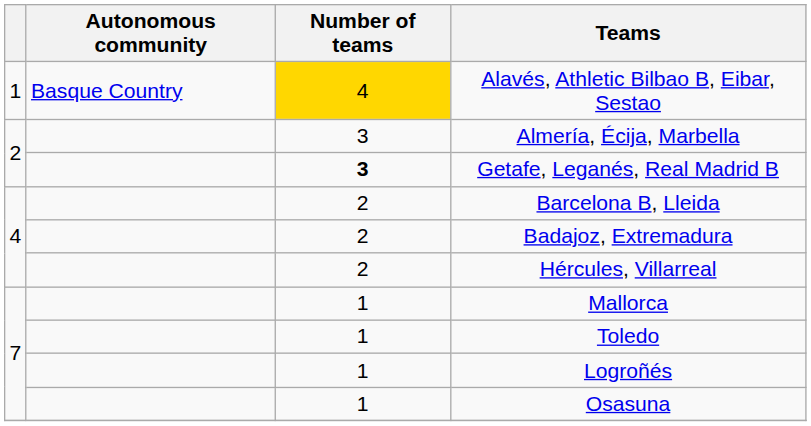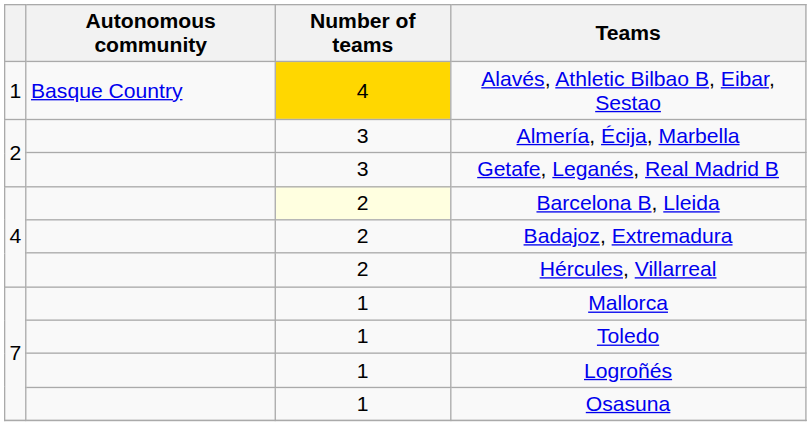 <table class="wikitable">
 <tr>
 <th></th>
 <th>Autonomous community</th>
 <th>Number of teams</th>
 <th>Teams</th>
 </tr>
 <tr>
 <td>1</td>
 <td> <a href='#'>Basque Country</a></td>
 <td align=center style="background: gold;">4</td>
 <td align=center><a href='#'>Alavés</a>, <a href='#'>Athletic Bilbao B</a>, <a href='#'>Eibar</a>, <a href='#'>Sestao</a></td>
 </tr>
 <tr>
 <td rowspan=2>2</td>
 <td></td>
 <td align=center>3</td>
 <td align=center><a href='#'>Almería</a>, <a href='#'>Écija</a>, <a href='#'>Marbella</a></td>
 </tr>
 <tr>
 <td></td>
-<td align=center><strong>3</strong></td>
+<td align=center>3</td>
 <td align=center><a href='#'>Getafe</a>, <a href='#'>Leganés</a>, <a href='#'>Real Madrid B</a></td>
 </tr>
 <tr>
 <td rowspan=3>4</td>
 <td></td>
-<td align=center>2</td>
+<td align=center style="background: lightyellow;">2</td>
 <td align=center><a href='#'>Barcelona B</a>, <a href='#'>Lleida</a></td>
 </tr>
 <tr>
 <td></td>
 <td align=center>2</td>
 <td align=center><a href='#'>Badajoz</a>, <a href='#'>Extremadura</a></td>
 </tr>
 <tr>
 <td></td>
 <td align=center>2</td>
 <td align=center><a href='#'>Hércules</a>, <a href='#'>Villarreal</a></td>
 </tr>
 <tr>
 <td rowspan=4>7</td>
 <td></td>
 <td align=center>1</td>
 <td align=center><a href='#'>Mallorca</a></td>
 </tr>
 <tr>
 <td></td>
 <td align=center>1</td>
 <td align=center><a href='#'>Toledo</a></td>
 </tr>
 <tr>
 <td></td>
 <td align=center>1</td>
 <td align=center><a href='#'>Logroñés</a></td>
 </tr>
 <tr>
 <td></td>
 <td align=center>1</td>
 <td align=center><a href='#'>Osasuna</a></td>
 </tr>
 <tr>
 </tr>
 </table>
